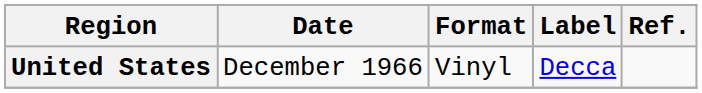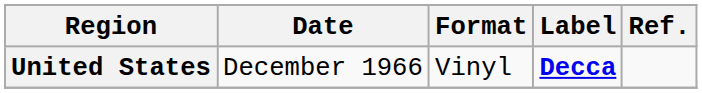 <table class="wikitable plainrowheaders">
 <tr>
 <th scope="col">Region</th>
 <th scope="col">Date</th>
 <th scope="col">Format</th>
 <th scope="col">Label</th>
 <th scope="col">Ref.</th>
 </tr>
 <tr>
 <th scope="row">United States</th>
 <td>December 1966</td>
 <td>Vinyl</td>
-<td><a href='#'>Decca</a></td>
+<td><strong><a href='#'>Decca</a></strong></td>
 <td></td>
 </tr>
 <tr>
 </tr>
 </table>
